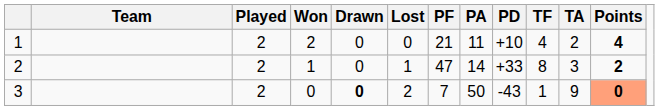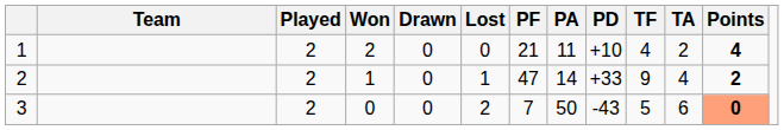 <table class="wikitable" style="text-align: center;">
 <tr>
 <th bgcolor="#efefef" width="20"></th>
 <th bgcolor="#efefef" width="195">Team</th>
 <th bgcolor="#efefef" width="25">Played</th>
 <th bgcolor="#efefef" width="25">Won</th>
 <th bgcolor="#efefef" width="25">Drawn</th>
 <th bgcolor="#efefef" width="25">Lost</th>
 <th bgcolor="#efefef" width="25">PF</th>
 <th bgcolor="#efefef" width="25">PA</th>
 <th bgcolor="#efefef" width="25">PD</th>
 <th bgcolor="#efefef" width="25">TF</th>
 <th bgcolor="#efefef" width="25">TA</th>
 <th bgcolor="#efefef" width="25">Points<br></th>
 </tr>
 <tr align=center>
 <td>1</td>
 <td align=left></td>
 <td>2</td>
 <td>2</td>
 <td>0</td>
 <td>0</td>
 <td>21</td>
 <td>11</td>
 <td>+10</td>
 <td>4</td>
 <td>2</td>
 <td><strong>4</strong></td>
 </tr>
 <tr align=center>
 <td>2</td>
 <td align=left></td>
 <td>2</td>
 <td>1</td>
 <td>0</td>
 <td>1</td>
 <td>47</td>
 <td>14</td>
 <td>+33</td>
-<td>8</td>
-<td>3</td>
+<td>9</td>
+<td>4</td>
 <td><strong>2</strong></td>
 </tr>
 <tr align=center>
 <td>3</td>
 <td align=left></td>
 <td>2</td>
 <td>0</td>
-<td><strong>0</strong></td>
+<td>0</td>
 <td>2</td>
 <td>7</td>
 <td>50</td>
 <td>-43</td>
-<td>1</td>
-<td>9</td>
+<td>5</td>
+<td>6</td>
 <td style="background: lightsalmon;"><strong>0</strong></td>
 <td colspan="14" style="border:0px"></td>
 </tr>
 </table>
